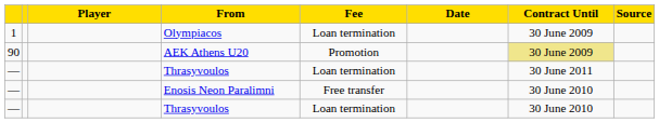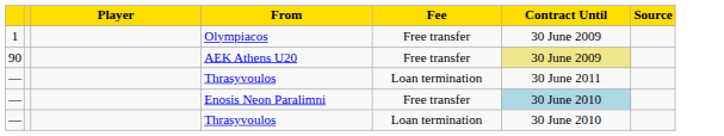 <table class="wikitable sortable">
 <tr>
 <th style="background:#FFDE00"></th>
 <th style="background:#FFDE00"></th>
 <th width=200 style="background:#FFDE00">Player</th>
 <th width=200 style="background:#FFDE00">From</th>
 <th width=150 style="background:#FFDE00">Fee</th>
-<th width=150 style="background:#FFDE00">Date</th>
 <th width=150 style="background:#FFDE00">Contract Until</th>
 <th style="background:#FFDE00">Source</th>
 </tr>
 <tr>
 <td align=center>1</td>
 <td align=center></td>
 <td></td>
 <td> <a href='#'>Olympiacos</a></td>
-<td align=center>Loan termination</td>
-<td align=center></td>
+<td align=center>Free transfer</td>
 <td align=center>30 June 2009</td>
 <td align=center></td>
 </tr>
 <tr>
 <td align=center>90</td>
 <td align=center></td>
 <td></td>
 <td> <a href='#'>AEK Athens U20</a></td>
-<td align=center>Promotion</td>
-<td align=center></td>
+<td align=center>Free transfer</td>
 <td align=center style="background: khaki;">30 June 2009</td>
 <td align=center></td>
 </tr>
 <tr>
 <td align=center>—</td>
 <td align=center></td>
 <td></td>
 <td> <a href='#'>Thrasyvoulos</a></td>
 <td align=center>Loan termination</td>
-<td align=center></td>
 <td align=center>30 June 2011</td>
 <td align=center></td>
 </tr>
 <tr>
 <td align=center>—</td>
 <td align=center></td>
 <td></td>
 <td> <a href='#'>Enosis Neon Paralimni</a></td>
 <td align=center>Free transfer</td>
-<td align=center></td>
-<td align=center>30 June 2010</td>
+<td align=center style="background: lightblue;">30 June 2010</td>
 <td align=center></td>
 </tr>
 <tr>
 <td align=center>—</td>
 <td align=center></td>
 <td></td>
 <td> <a href='#'>Thrasyvoulos</a></td>
 <td align=center>Loan termination</td>
-<td align=center></td>
 <td align=center>30 June 2010</td>
 <td align=center></td>
 </tr>
 </table>
